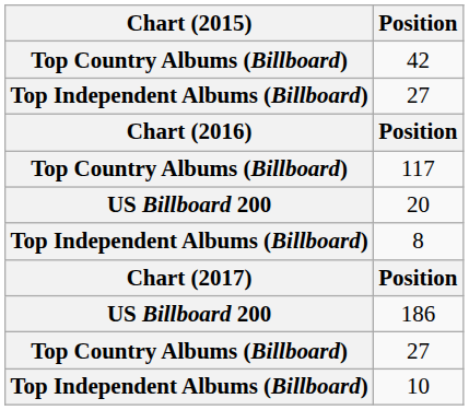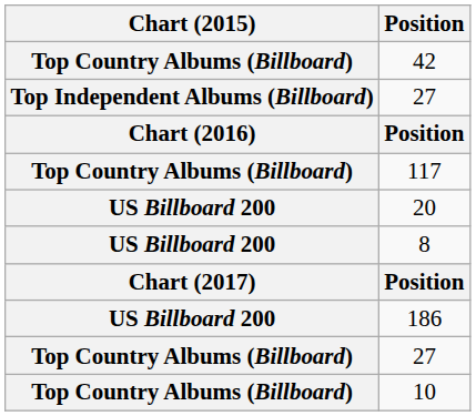 <table class="wikitable sortable plainrowheaders" style="text-align:center;">
 <tr>
 <th>Chart (2015)</th>
 <th>Position</th>
 </tr>
 <tr>
 <th scope="row">Top Country Albums (<em>Billboard</em>)</th>
 <td>42</td>
 </tr>
 <tr>
 <th scope="row">Top Independent Albums (<em>Billboard</em>)</th>
 <td>27</td>
 </tr>
 <tr>
 <th>Chart (2016)</th>
 <th>Position</th>
 </tr>
 <tr>
 <th scope="row">Top Country Albums (<em>Billboard</em>)</th>
 <td>117</td>
 </tr>
 <tr>
 <th scope="row">US <em>Billboard</em> 200</th>
 <td>20</td>
 </tr>
 <tr>
-<th scope="row">Top Independent Albums (<em>Billboard</em>)</th>
+<th scope="row">US <em>Billboard</em> 200</th>
 <td>8</td>
 </tr>
 <tr>
 <th>Chart (2017)</th>
 <th>Position</th>
 </tr>
 <tr>
 <th scope="row">US <em>Billboard</em> 200</th>
 <td>186</td>
 </tr>
 <tr>
 <th scope="row">Top Country Albums (<em>Billboard</em>)</th>
 <td>27</td>
 </tr>
 <tr>
-<th scope="row">Top Independent Albums (<em>Billboard</em>)</th>
+<th scope="row">Top Country Albums (<em>Billboard</em>)</th>
 <td>10</td>
 </tr>
 </table>
